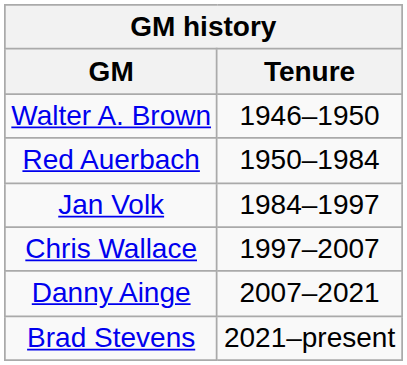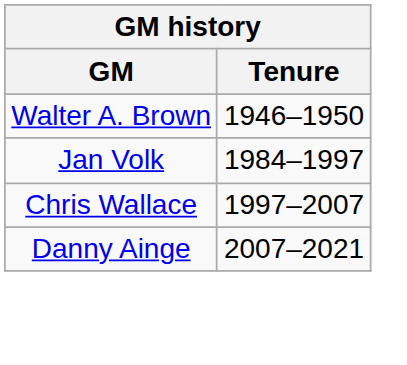 <table class="wikitable" style="text-align:center">
 <tr>
 <th colspan="2">GM history</th>
 </tr>
 <tr>
 <th>GM</th>
 <th>Tenure</th>
 </tr>
 <tr>
 <td><a href='#'>Walter A. Brown</a></td>
 <td>1946–1950</td>
 </tr>
 <tr>
-<td><a href='#'>Red Auerbach</a></td>
-<td>1950–1984</td>
-</tr>
-<tr>
 <td><a href='#'>Jan Volk</a></td>
 <td>1984–1997</td>
 </tr>
 <tr>
 <td><a href='#'>Chris Wallace</a></td>
 <td>1997–2007</td>
 </tr>
 <tr>
 <td><a href='#'>Danny Ainge</a></td>
 <td>2007–2021</td>
 </tr>
-<tr>
-<td><a href='#'>Brad Stevens</a></td>
-<td>2021–present</td>
-</tr>
 </table>
